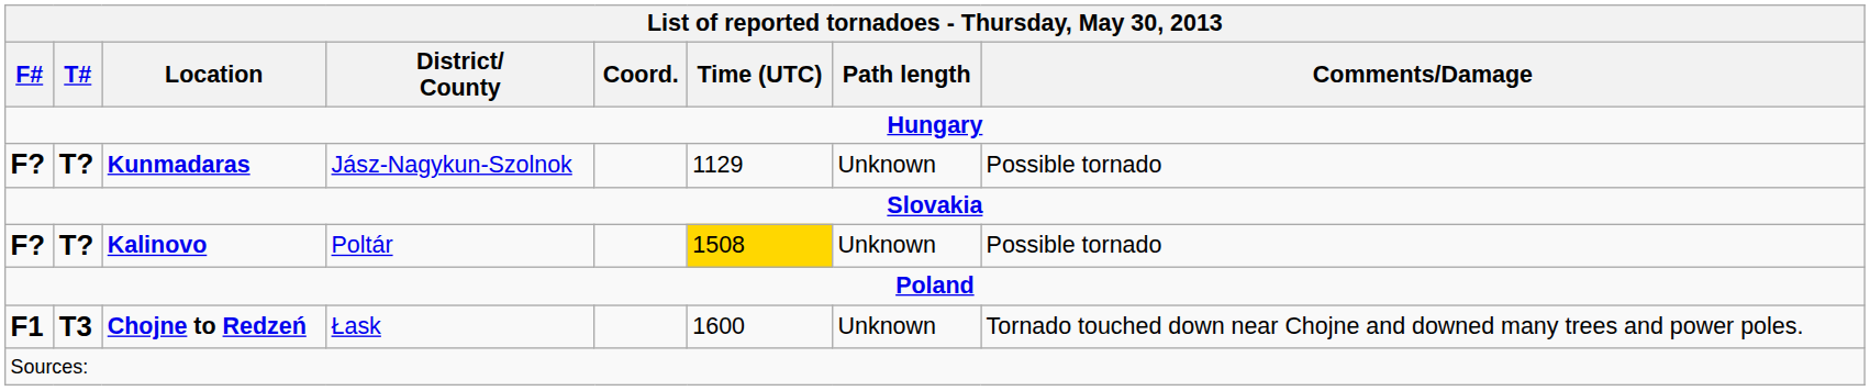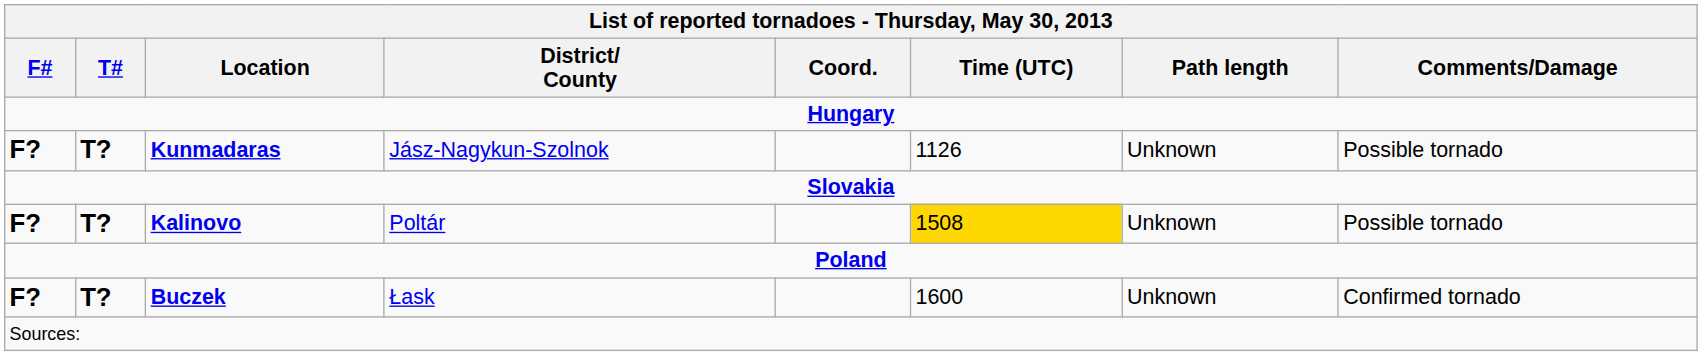 <table class="wikitable collapsible" width="100%">
 <tr>
 <th colspan="8">List of reported tornadoes - Thursday, May 30, 2013</th>
 </tr>
 <tr>
 <th><a href='#'>F#</a></th>
 <th><a href='#'>T#</a></th>
 <th>Location</th>
 <th>District/<br>County</th>
 <th>Coord.</th>
 <th>Time (UTC)</th>
 <th>Path length</th>
 <th>Comments/Damage</th>
 </tr>
 <tr>
 <td colspan="8" align=center><strong><a href='#'>Hungary</a></strong></td>
 </tr>
 <tr>
 <td><big><strong>F?</strong></big></td>
 <td><big><strong>T?</strong></big></td>
 <td><strong><a href='#'>Kunmadaras</a></strong></td>
 <td><a href='#'>Jász-Nagykun-Szolnok</a></td>
 <td></td>
-<td>1129</td>
+<td>1126</td>
 <td>Unknown</td>
 <td>Possible tornado</td>
 </tr>
 <tr>
 <td colspan="8" align=center><strong><a href='#'>Slovakia</a></strong></td>
 </tr>
 <tr>
 <td><big><strong>F?</strong></big></td>
 <td><big><strong>T?</strong></big></td>
 <td><strong><a href='#'>Kalinovo</a></strong></td>
 <td><a href='#'>Poltár</a></td>
 <td></td>
 <td style="background: gold;">1508</td>
 <td>Unknown</td>
 <td>Possible tornado</td>
 </tr>
 <tr>
 <td colspan="8" align=center><strong><a href='#'>Poland</a></strong></td>
 </tr>
 <tr>
-<td><big><strong>F1</strong></big></td>
-<td><big><strong>T3</strong></big></td>
-<td><strong><a href='#'>Chojne</a> to <a href='#'>Redzeń</a></strong></td>
+<td><big><strong>F?</strong></big></td>
+<td><big><strong>T?</strong></big></td>
+<td><strong><a href='#'>Buczek</a></strong></td>
 <td><a href='#'>Łask</a></td>
 <td></td>
 <td>1600</td>
 <td>Unknown</td>
-<td>Tornado touched down near Chojne and downed many trees and power poles.</td>
+<td>Confirmed tornado</td>
 </tr>
 <tr>
 <td colspan="8"><small>Sources:  </small></td>
 </tr>
 </table>
